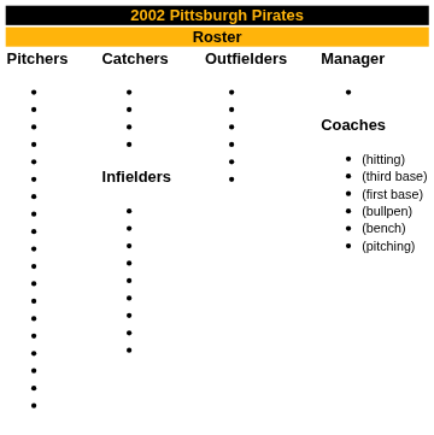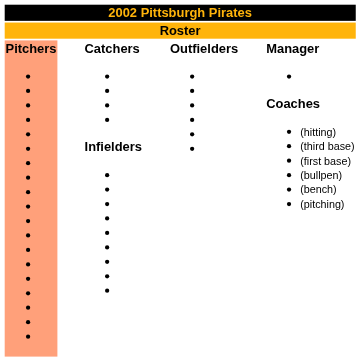 <table class="toccolours" style="font-size: 95%;">
 <tr>
 <th colspan="10" style="background-color: black; color: #FFB40B; text-align: center;">2002 Pittsburgh Pirates</th>
 </tr>
 <tr>
 <td colspan="10" style="background-color: #FFB40B; color: black; text-align: center;"><strong>Roster</strong></td>
 </tr>
 <tr>
-<td valign="top"><strong>Pitchers</strong><br><ul><li></li><li></li><li></li><li></li><li></li><li></li><li></li><li></li><li></li><li></li><li></li><li></li><li></li><li></li><li></li><li></li><li></li><li></li><li></li></ul></td>
+<td valign="top" style="background: lightsalmon;"><strong>Pitchers</strong><br><ul><li></li><li></li><li></li><li></li><li></li><li></li><li></li><li></li><li></li><li></li><li></li><li></li><li></li><li></li><li></li><li></li><li></li><li></li><li></li></ul></td>
 <td width="25px"></td>
 <td valign="top"><strong>Catchers</strong><br><ul><li></li><li></li><li></li><li></li></ul><strong>Infielders</strong><ul><li></li><li></li><li></li><li></li><li></li><li></li><li></li><li></li><li></li></ul></td>
 <td width="25px"></td>
 <td valign="top"><strong>Outfielders</strong><br><ul><li></li><li></li><li></li><li></li><li></li><li></li></ul></td>
 <td width="25px"></td>
 <td valign="top"><strong>Manager</strong><br><ul><li></li></ul><strong>Coaches</strong><ul><li> <small>(hitting)</small></li><li> <small>(third base)</small></li><li> <small>(first base)</small></li><li> <small>(bullpen)</small></li><li> <small>(bench)</small></li><li> <small>(pitching)</small></li></ul></td>
 </tr>
 </table>
